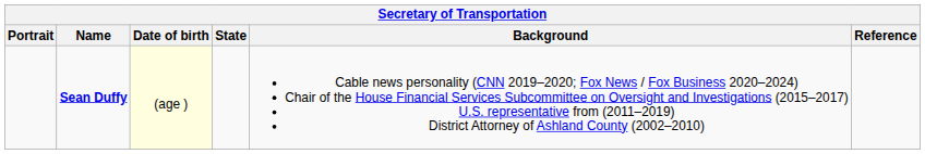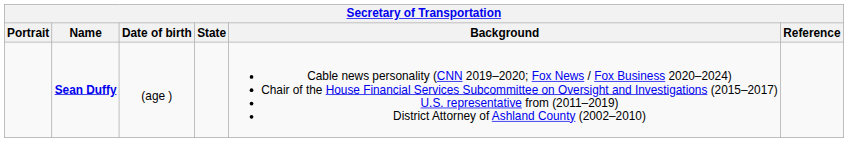 <table class="wikitable collapsible" style="text-align:center;">
 <tr>
 <th colspan="6"><a href='#'>Secretary of Transportation</a></th>
 </tr>
 <tr>
 <th>Portrait</th>
 <th>Name</th>
 <th>Date of birth</th>
 <th>State</th>
 <th>Background</th>
 <th>Reference</th>
 </tr>
 <tr>
 <td></td>
 <td><strong><a href='#'>Sean Duffy</a></strong></td>
-<td style="background: lightyellow;"><br>(age )</td>
+<td><br>(age )</td>
 <td></td>
 <td><br><ul><li>Cable news personality (<a href='#'>CNN</a> 2019–2020; <a href='#'>Fox News</a> / <a href='#'>Fox Business</a> 2020–2024)</li><li>Chair of the <a href='#'>House Financial Services Subcommittee on Oversight and Investigations</a> (2015–2017)</li><li><a href='#'>U.S. representative</a> from  (2011–2019)</li><li>District Attorney of <a href='#'>Ashland County</a> (2002–2010)</li></ul></td>
 <td></td>
 </tr>
 </table>
